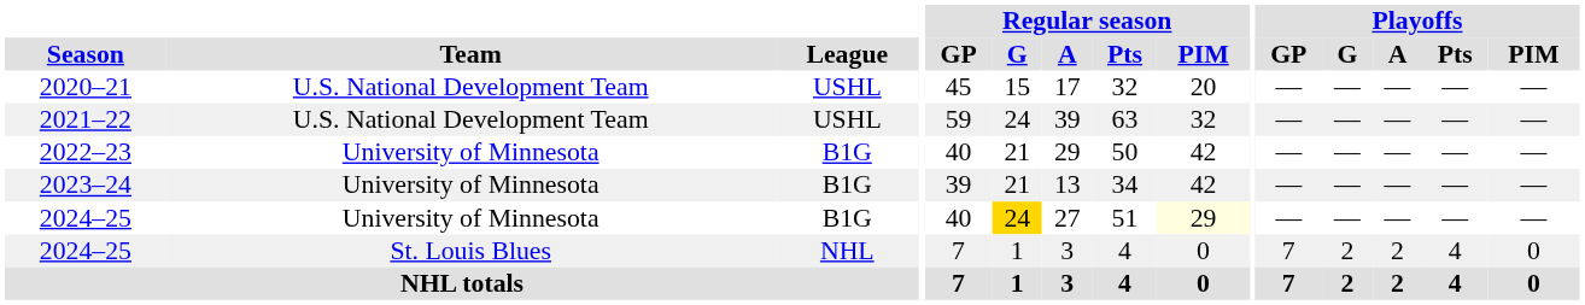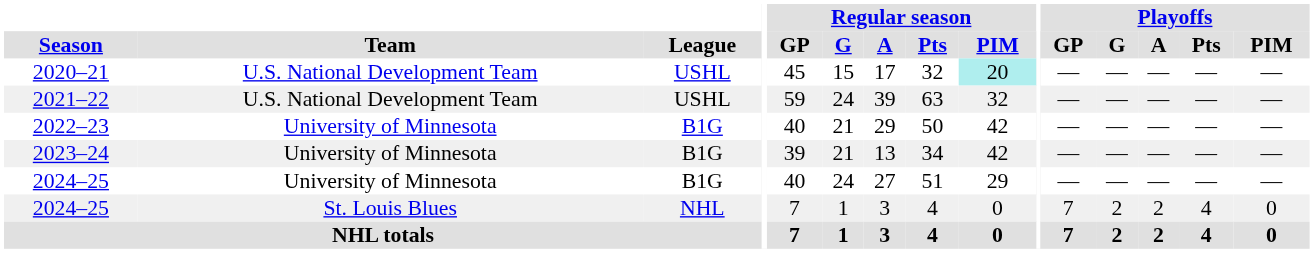 <table border="0" cellpadding="1" cellspacing="0" style="text-align:center; width:60em">
 <tr bgcolor="#e0e0e0">
 <th colspan="3" bgcolor="#ffffff"></th>
 <th rowspan="100" bgcolor="#ffffff"></th>
 <th colspan="5"><a href='#'>Regular season</a></th>
 <th rowspan="100" bgcolor="#ffffff"></th>
 <th colspan="5"><a href='#'>Playoffs</a></th>
 </tr>
 <tr bgcolor="#e0e0e0">
 <th><a href='#'>Season</a></th>
 <th>Team</th>
 <th>League</th>
 <th>GP</th>
 <th><a href='#'>G</a></th>
 <th><a href='#'>A</a></th>
 <th><a href='#'>Pts</a></th>
 <th><a href='#'>PIM</a></th>
 <th>GP</th>
 <th>G</th>
 <th>A</th>
 <th>Pts</th>
 <th>PIM</th>
 </tr>
 <tr>
 <td><a href='#'>2020–21</a></td>
 <td><a href='#'>U.S. National Development Team</a></td>
 <td><a href='#'>USHL</a></td>
 <td>45</td>
 <td>15</td>
 <td>17</td>
 <td>32</td>
-<td>20</td>
+<td style="background: paleturquoise;">20</td>
 <td>—</td>
 <td>—</td>
 <td>—</td>
 <td>—</td>
 <td>—</td>
 </tr>
 <tr bgcolor="#f0f0f0">
 <td><a href='#'>2021–22</a></td>
 <td>U.S. National Development Team</td>
 <td>USHL</td>
 <td>59</td>
 <td>24</td>
 <td>39</td>
 <td>63</td>
 <td>32</td>
 <td>—</td>
 <td>—</td>
 <td>—</td>
 <td>—</td>
 <td>—</td>
 </tr>
 <tr>
 <td><a href='#'>2022–23</a></td>
 <td><a href='#'>University of Minnesota</a></td>
 <td><a href='#'>B1G</a></td>
 <td>40</td>
 <td>21</td>
 <td>29</td>
 <td>50</td>
 <td>42</td>
 <td>—</td>
 <td>—</td>
 <td>—</td>
 <td>—</td>
 <td>—</td>
 </tr>
 <tr bgcolor="#f0f0f0">
 <td><a href='#'>2023–24</a></td>
 <td>University of Minnesota</td>
 <td>B1G</td>
 <td>39</td>
 <td>21</td>
 <td>13</td>
 <td>34</td>
 <td>42</td>
 <td>—</td>
 <td>—</td>
 <td>—</td>
 <td>—</td>
 <td>—</td>
 </tr>
 <tr>
 <td><a href='#'>2024–25</a></td>
 <td>University of Minnesota</td>
 <td>B1G</td>
 <td>40</td>
-<td style="background: gold;">24</td>
+<td>24</td>
 <td>27</td>
 <td>51</td>
-<td style="background: lightyellow;">29</td>
+<td>29</td>
 <td>—</td>
 <td>—</td>
 <td>—</td>
 <td>—</td>
 <td>—</td>
 </tr>
 <tr bgcolor="#f0f0f0">
 <td><a href='#'>2024–25</a></td>
 <td><a href='#'>St. Louis Blues</a></td>
 <td><a href='#'>NHL</a></td>
 <td>7</td>
 <td>1</td>
 <td>3</td>
 <td>4</td>
 <td>0</td>
 <td>7</td>
 <td>2</td>
 <td>2</td>
 <td>4</td>
 <td>0</td>
 </tr>
 <tr bgcolor="#e0e0e0">
 <th colspan="3">NHL totals</th>
 <th>7</th>
 <th>1</th>
 <th>3</th>
 <th>4</th>
 <th>0</th>
 <th>7</th>
 <th>2</th>
 <th>2</th>
 <th>4</th>
 <th>0</th>
 </tr>
 </table>
